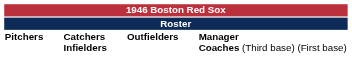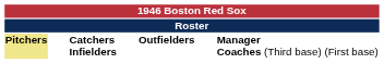 <table class="toccolours" style="text-align: left;">
 <tr>
 <th colspan="10" style="background-color: #ba313c; color: white; text-align: center;">1946 Boston Red Sox</th>
 </tr>
 <tr>
 <td colspan="10" style="background-color:#0d2b56; color: white; text-align: center;"><strong>Roster</strong></td>
 </tr>
 <tr>
-<td valign="top"><strong>Pitchers</strong><br>               </td>
+<td valign="top" style="background: khaki;"><strong>Pitchers</strong><br>               </td>
 <td width="25px"></td>
 <td valign="top"><strong>Catchers</strong><br>    <strong>Infielders</strong>           </td>
 <td width="25px"></td>
 <td valign="top"><strong>Outfielders</strong><br>       </td>
 <td width="25px"></td>
 <td valign="top"><strong>Manager</strong><br> <strong>Coaches</strong>  (Third base)     (First base)</td>
 </tr>
 <tr>
 </tr>
 </table>
